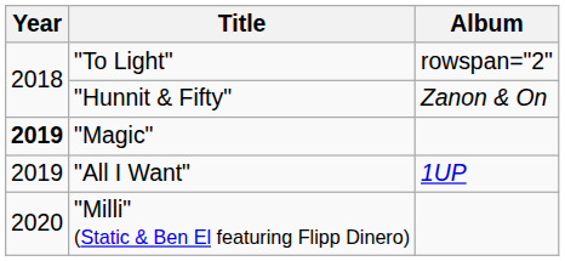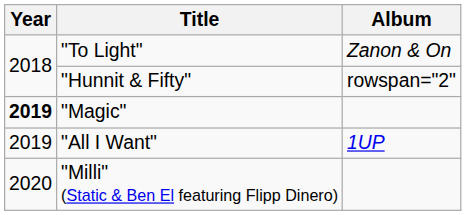 <table class="wikitable">
 <tr>
 <th>Year</th>
 <th>Title</th>
 <th>Album</th>
 </tr>
 <tr>
 <td rowspan="2">2018</td>
 <td>"To Light"<br></td>
-<td>rowspan="2" </td>
+<td><em>Zanon & On</em></td>
 </tr>
 <tr>
 <td>"Hunnit & Fifty"<br></td>
-<td><em>Zanon & On</em></td>
+<td>rowspan="2" </td>
 </tr>
 <tr>
 <td><strong>2019</strong></td>
 <td>"Magic"<br></td>
 </tr>
 <tr>
 <td>2019</td>
 <td>"All I Want"<br></td>
 <td><em><a href='#'>1UP</a></em></td>
 </tr>
 <tr>
 <td>2020</td>
 <td>"Milli"<br><small>(<a href='#'>Static & Ben El</a> featuring Flipp Dinero)</small></td>
 <td></td>
 </tr>
 </table>
